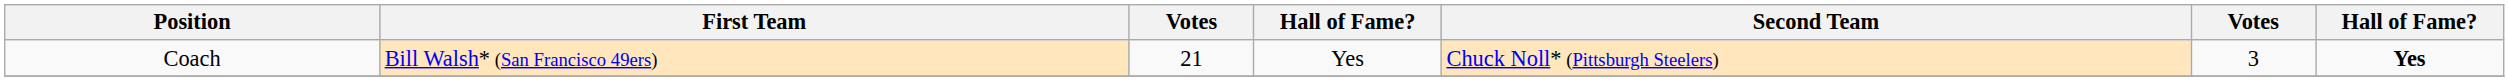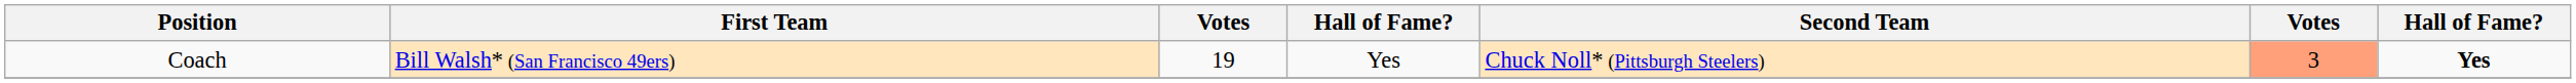 <table class="wikitable" width=90%>
 <tr>
 <th width=15%>Position</th>
 <th width=30%>First Team</th>
 <th width=5%>Votes</th>
 <th width=7.5%>Hall of Fame?</th>
 <th width=30%>Second Team</th>
 <th width=5%>Votes</th>
 <th width=7.5%>Hall of Fame?</th>
 </tr>
 <tr>
 <td align=center>Coach</td>
 <td style="background-color:#FFE6BD"><a href='#'>Bill Walsh</a>*<small>  (<a href='#'>San Francisco 49ers</a>)</small></td>
-<td align=center>21</td>
+<td align=center>19</td>
 <td align=center>Yes</td>
 <td style="background-color:#FFE6BD"><a href='#'>Chuck Noll</a>*<small>  (<a href='#'>Pittsburgh Steelers</a>)</small></td>
-<td align=center>3</td>
+<td align=center style="background: lightsalmon;">3</td>
 <td align=center><strong>Yes</strong></td>
 </tr>
 <tr>
 </tr>
 </table>
